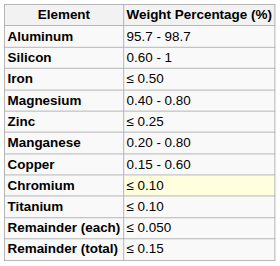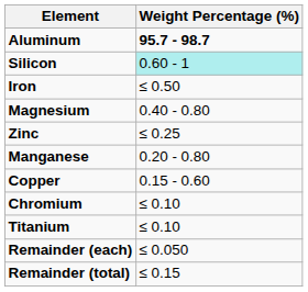 <table class="wikitable">
 <tr>
 <th>Element </th>
 <th>Weight Percentage (%)</th>
 </tr>
 <tr>
 <td><strong>Aluminum</strong></td>
-<td>95.7 - 98.7</td>
+<td><strong>95.7 - 98.7</strong></td>
 </tr>
 <tr>
 <td><strong>Silicon</strong></td>
-<td>0.60 - 1</td>
+<td style="background: paleturquoise;">0.60 - 1</td>
 </tr>
 <tr>
 <td><strong>Iron</strong></td>
 <td>≤ 0.50</td>
 </tr>
 <tr>
 <td><strong>Magnesium</strong></td>
 <td>0.40 - 0.80</td>
 </tr>
 <tr>
 <td><strong>Zinc</strong></td>
 <td>≤ 0.25</td>
 </tr>
 <tr>
 <td><strong>Manganese</strong></td>
 <td>0.20 - 0.80</td>
 </tr>
 <tr>
 <td><strong>Copper</strong></td>
 <td>0.15 - 0.60</td>
 </tr>
 <tr>
 <td><strong>Chromium</strong></td>
-<td style="background: lightyellow;">≤ 0.10</td>
+<td>≤ 0.10</td>
 </tr>
 <tr>
 <td><strong>Titanium</strong></td>
 <td>≤ 0.10</td>
 </tr>
 <tr>
 <td><strong>Remainder (each)</strong></td>
 <td>≤ 0.050</td>
 </tr>
 <tr>
 <td><strong>Remainder (total)</strong></td>
 <td>≤ 0.15</td>
 </tr>
 </table>
